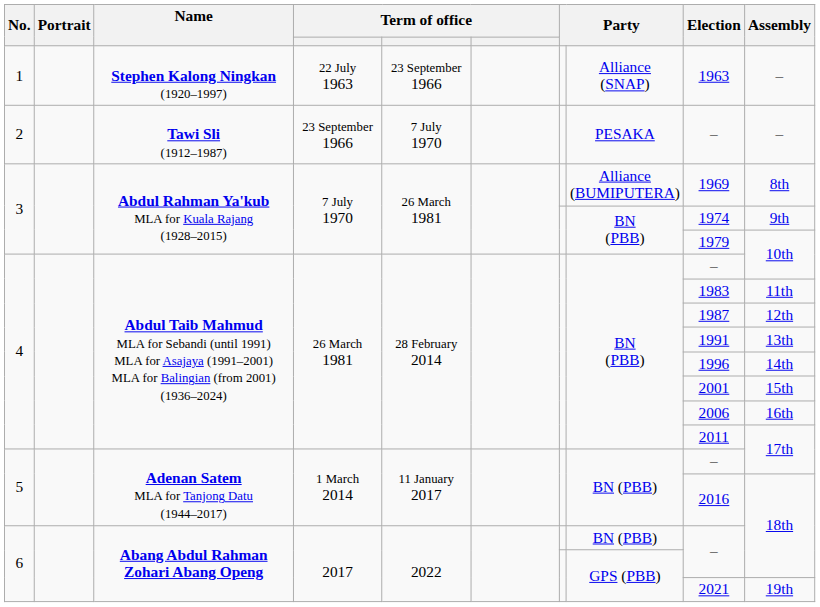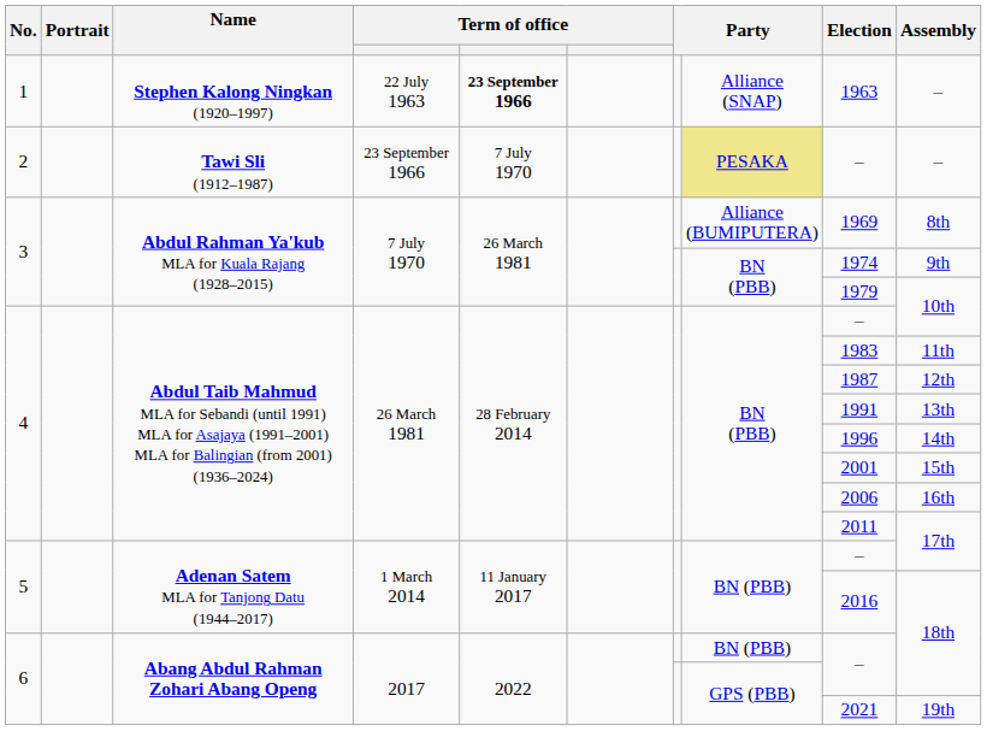 <table class="wikitable" style="text-align:center; border:1px #aaf solid;">
 <tr>
 <th rowspan="2">No.</th>
 <th rowspan="2">Portrait</th>
 <th rowspan="2" width="200">Name<br><br></th>
 <th colspan="3">Term of office</th>
 <th colspan="2" rowspan="2">Party</th>
 <th rowspan="2">Election</th>
 <th rowspan="2">Assembly</th>
 </tr>
 <tr>
 <th width="85"></th>
 <th width="85"></th>
 <th width="85"></th>
 </tr>
 <tr>
 <td>1</td>
 <td></td>
 <td><br><strong><a href='#'>Stephen Kalong Ningkan</a></strong><br><small>(1920–1997)</small></td>
 <td><small>22 July</small><br>1963</td>
-<td><small>23 September</small><br>1966</td>
+<td><strong><small>23 September</small><br>1966</strong></td>
 <td></td>
 <td style="background:"></td>
 <td><a href='#'>Alliance</a><br>(<a href='#'>SNAP</a>)</td>
 <td><a href='#'>1963</a></td>
 <td>–</td>
 </tr>
 <tr>
 <td>2</td>
 <td></td>
 <td><br><strong><a href='#'>Tawi Sli</a></strong><br><small>(1912–1987)</small></td>
 <td><small>23 September</small><br>1966</td>
 <td><small>7 July</small><br>1970</td>
 <td></td>
 <td style="background:"></td>
-<td><a href='#'>PESAKA</a></td>
+<td style="background: khaki;"><a href='#'>PESAKA</a></td>
 <td>–</td>
 <td>–</td>
 </tr>
 <tr>
 <td rowspan="3">3</td>
 <td rowspan="3"></td>
 <td rowspan="3"><br><strong><a href='#'>Abdul Rahman Ya'kub</a></strong><br><small>MLA for <a href='#'>Kuala Rajang</a></small><br><small>(1928–2015)</small></td>
 <td rowspan="3"><small>7 July</small><br>1970</td>
 <td rowspan="3"><small>26 March</small><br>1981</td>
 <td rowspan="3"></td>
 <td style="background:"></td>
 <td><a href='#'>Alliance</a><br>(<a href='#'>BUMIPUTERA</a>)</td>
 <td><a href='#'>1969</a></td>
 <td><a href='#'>8th</a></td>
 </tr>
 <tr>
 <td rowspan="2" style="background:"></td>
 <td rowspan="2"><a href='#'>BN</a><br>(<a href='#'>PBB</a>)</td>
 <td><a href='#'>1974</a></td>
 <td><a href='#'>9th</a></td>
 </tr>
 <tr>
 <td><a href='#'>1979</a></td>
 <td rowspan="2"><a href='#'>10th</a></td>
 </tr>
 <tr>
 <td rowspan="8">4</td>
 <td rowspan="8"></td>
 <td rowspan="8"><br><strong><a href='#'>Abdul Taib Mahmud</a></strong><br><small>MLA for Sebandi (until 1991)<br>MLA for <a href='#'>Asajaya</a> (1991–2001)<br>MLA for <a href='#'>Balingian</a> (from 2001)</small><br><small>(1936–2024)</small></td>
 <td rowspan="8"><small>26 March</small><br>1981</td>
 <td rowspan="8"><small>28 February</small><br>2014</td>
 <td rowspan="8"></td>
 <td rowspan="8" style="background:"></td>
 <td rowspan="8"><a href='#'>BN</a><br>(<a href='#'>PBB</a>)</td>
 <td>–</td>
 </tr>
 <tr>
 <td><a href='#'>1983</a></td>
 <td><a href='#'>11th</a></td>
 </tr>
 <tr>
 <td><a href='#'>1987</a></td>
 <td><a href='#'>12th</a></td>
 </tr>
 <tr>
 <td><a href='#'>1991</a></td>
 <td><a href='#'>13th</a></td>
 </tr>
 <tr>
 <td><a href='#'>1996</a></td>
 <td><a href='#'>14th</a></td>
 </tr>
 <tr>
 <td><a href='#'>2001</a></td>
 <td><a href='#'>15th</a></td>
 </tr>
 <tr>
 <td><a href='#'>2006</a></td>
 <td><a href='#'>16th</a></td>
 </tr>
 <tr>
 <td><a href='#'>2011</a></td>
 <td rowspan="2"><a href='#'>17th</a></td>
 </tr>
 <tr>
 <td rowspan="2">5</td>
 <td rowspan="2"></td>
 <td rowspan="2"><br><strong><a href='#'>Adenan Satem</a></strong><br><small>MLA for <a href='#'>Tanjong Datu</a></small><br><small>(1944–2017)</small></td>
 <td rowspan="2"><small>1 March</small><br>2014</td>
 <td rowspan="2"><small>11 January</small><br>2017</td>
 <td rowspan="2"></td>
 <td rowspan="2" style="background:"></td>
 <td rowspan="2"><a href='#'>BN</a> (<a href='#'>PBB</a>)</td>
 <td>–</td>
 </tr>
 <tr>
 <td><a href='#'>2016</a></td>
 <td rowspan="3"><a href='#'>18th</a></td>
 </tr>
 <tr>
 <td rowspan="3">6</td>
 <td rowspan="3"></td>
 <td rowspan="3"><br><strong><a href='#'>Abang Abdul Rahman Zohari Abang Openg</a></strong><br><br></td>
 <td rowspan="3"><br>2017</td>
 <td rowspan="3"><br>2022</td>
 <td rowspan="3"></td>
 <td style="background:"></td>
 <td><a href='#'>BN</a> (<a href='#'>PBB</a>)</td>
 <td rowspan="2">–</td>
 </tr>
 <tr>
 <td rowspan="2" style="background:"></td>
 <td rowspan="2"><a href='#'>GPS</a> (<a href='#'>PBB</a>)</td>
 </tr>
 <tr>
 <td><a href='#'>2021</a></td>
 <td><a href='#'>19th</a></td>
 </tr>
 </table>
